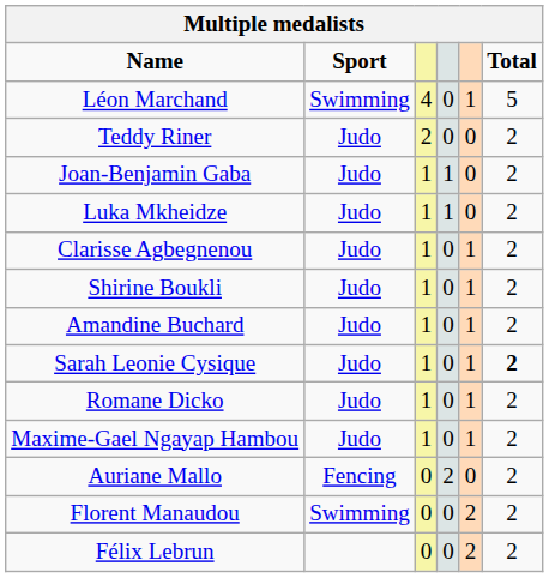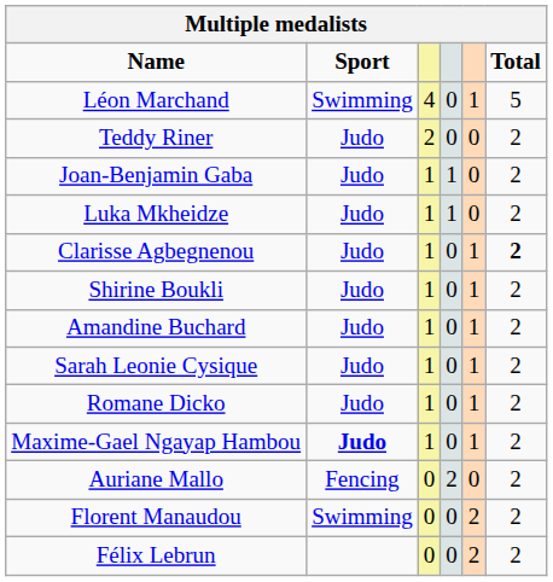 <table class="wikitable" style=font-size:85%;float:center;text-align:center>
 <tr style="background:#efefef;">
 <th colspan=7>Multiple medalists</th>
 </tr>
 <tr align=center>
 <td><strong>Name</strong></td>
 <td><strong>Sport</strong></td>
 <td style="background:#f7f6a8;"></td>
 <td style="background:#dce5e5;"></td>
 <td style="background:#ffdab9;"></td>
 <td><strong>Total</strong></td>
 </tr>
 <tr align=center>
 <td><a href='#'>Léon Marchand</a></td>
 <td><a href='#'>Swimming</a></td>
 <td style="background:#f7f6a8;">4</td>
 <td style="background:#dce5e5;">0</td>
 <td style="background:#ffdab9;">1</td>
 <td>5</td>
 </tr>
 <tr align=center>
 <td><a href='#'>Teddy Riner</a></td>
 <td><a href='#'>Judo</a></td>
 <td style="background:#f7f6a8;">2</td>
 <td style="background:#dce5e5;">0</td>
 <td style="background:#ffdab9;">0</td>
 <td>2</td>
 </tr>
 <tr align=center>
 <td><a href='#'>Joan-Benjamin Gaba</a></td>
 <td><a href='#'>Judo</a></td>
 <td style="background:#f7f6a8;">1</td>
 <td style="background:#dce5e5;">1</td>
 <td style="background:#ffdab9;">0</td>
 <td>2</td>
 </tr>
 <tr align=center>
 <td><a href='#'>Luka Mkheidze</a></td>
 <td><a href='#'>Judo</a></td>
 <td style="background:#f7f6a8;">1</td>
 <td style="background:#dce5e5;">1</td>
 <td style="background:#ffdab9;">0</td>
 <td>2</td>
 </tr>
 <tr align=center>
 <td><a href='#'>Clarisse Agbegnenou</a></td>
 <td><a href='#'>Judo</a></td>
 <td style="background:#f7f6a8;">1</td>
 <td style="background:#dce5e5;">0</td>
 <td style="background:#ffdab9;">1</td>
-<td>2</td>
+<td><strong>2</strong></td>
 </tr>
 <tr align=center>
 <td><a href='#'>Shirine Boukli</a></td>
 <td><a href='#'>Judo</a></td>
 <td style="background:#f7f6a8;">1</td>
 <td style="background:#dce5e5;">0</td>
 <td style="background:#ffdab9;">1</td>
 <td>2</td>
 </tr>
 <tr align=center>
 <td><a href='#'>Amandine Buchard</a></td>
 <td><a href='#'>Judo</a></td>
 <td style="background:#f7f6a8;">1</td>
 <td style="background:#dce5e5;">0</td>
 <td style="background:#ffdab9;">1</td>
 <td>2</td>
 </tr>
 <tr align=center>
 <td><a href='#'>Sarah Leonie Cysique</a></td>
 <td><a href='#'>Judo</a></td>
 <td style="background:#f7f6a8;">1</td>
 <td style="background:#dce5e5;">0</td>
 <td style="background:#ffdab9;">1</td>
-<td><strong>2</strong></td>
+<td>2</td>
 </tr>
 <tr align=center>
 <td><a href='#'>Romane Dicko</a></td>
 <td><a href='#'>Judo</a></td>
 <td style="background:#f7f6a8;">1</td>
 <td style="background:#dce5e5;">0</td>
 <td style="background:#ffdab9;">1</td>
 <td>2</td>
 </tr>
 <tr align=center>
 <td><a href='#'>Maxime-Gael Ngayap Hambou</a></td>
-<td><a href='#'>Judo</a></td>
+<td><strong><a href='#'>Judo</a></strong></td>
 <td style="background:#f7f6a8;">1</td>
 <td style="background:#dce5e5;">0</td>
 <td style="background:#ffdab9;">1</td>
 <td>2</td>
 </tr>
 <tr align=center>
 <td><a href='#'>Auriane Mallo</a></td>
 <td><a href='#'>Fencing</a></td>
 <td style="background:#f7f6a8;">0</td>
 <td style="background:#dce5e5;">2</td>
 <td style="background:#ffdab9;">0</td>
 <td>2</td>
 </tr>
 <tr align=center>
 <td><a href='#'>Florent Manaudou</a></td>
 <td><a href='#'>Swimming</a></td>
 <td style="background:#f7f6a8;">0</td>
 <td style="background:#dce5e5;">0</td>
 <td style="background:#ffdab9;">2</td>
 <td>2</td>
 </tr>
 <tr align=center>
 <td><a href='#'>Félix Lebrun</a></td>
 <td></td>
 <td style="background:#f7f6a8;">0</td>
 <td style="background:#dce5e5;">0</td>
 <td style="background:#ffdab9;">2</td>
 <td>2</td>
 </tr>
 </table>
